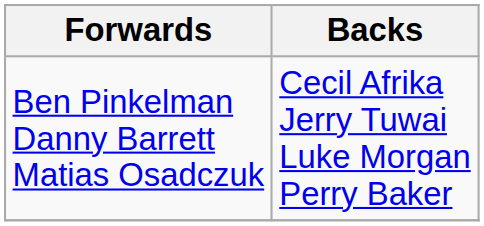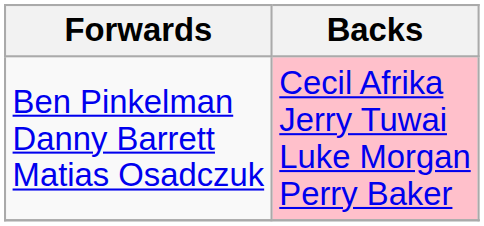 <table class=wikitable style="text-align: left;">
 <tr>
 <th align=center>Forwards</th>
 <th align=center>Backs</th>
 </tr>
 <tr>
 <td> <a href='#'>Ben Pinkelman</a> <br>  <a href='#'>Danny Barrett</a> <br>  <a href='#'>Matias Osadczuk</a></td>
-<td> <a href='#'>Cecil Afrika</a> <br>  <a href='#'>Jerry Tuwai</a> <br>  <a href='#'>Luke Morgan</a> <br>  <a href='#'>Perry Baker</a></td>
+<td style="background: pink;"> <a href='#'>Cecil Afrika</a> <br>  <a href='#'>Jerry Tuwai</a> <br>  <a href='#'>Luke Morgan</a> <br>  <a href='#'>Perry Baker</a></td>
 </tr>
 <tr>
 </tr>
 </table>
